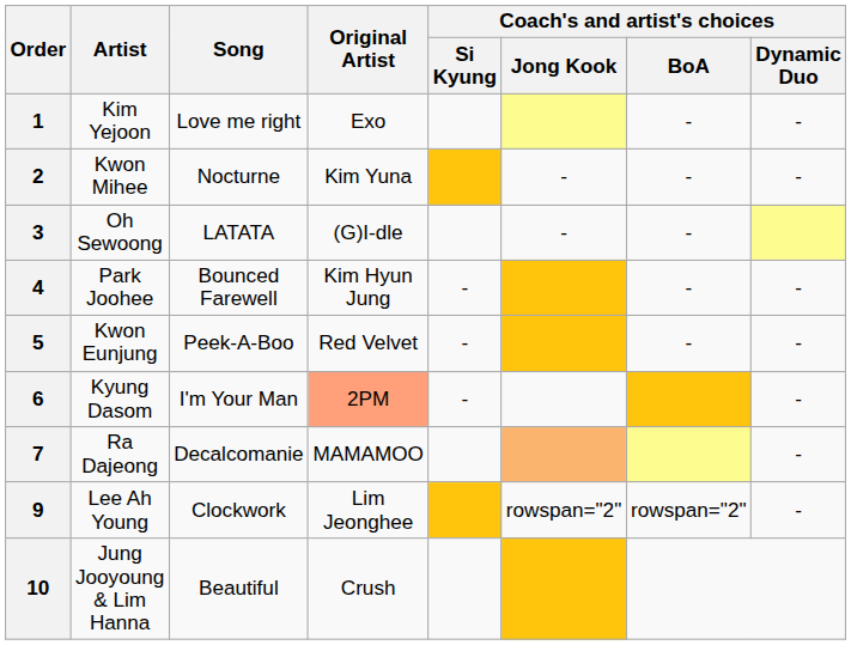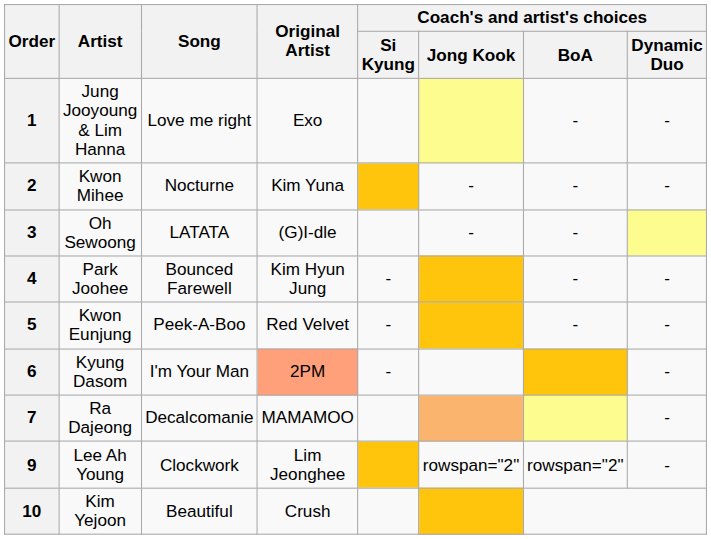 <table class="wikitable" style="text-align:center; width:100%;">
 <tr>
 <th scope="col" rowspan="2" style="width:04%;">Order</th>
 <th scope="col" rowspan="2" style="width:18%;">Artist</th>
 <th scope="col" rowspan="2" style="width:20%;">Song</th>
 <th scope="col" rowspan="2" style="width:10%;">Original Artist</th>
 <th scope="col" colspan="4" style="width:24%;">Coach's and artist's choices</th>
 </tr>
 <tr>
 <th style="width:06%;">Si Kyung</th>
 <th stylw="width:06%;">Jong Kook</th>
 <th style="width:06%;">BoA</th>
 <th style="width:06%;">Dynamic Duo</th>
 </tr>
 <tr>
 <th>1</th>
-<td>Kim Yejoon</td>
+<td>Jung Jooyoung & Lim Hanna</td>
 <td>Love me right</td>
 <td>Exo</td>
 <td><strong></strong></td>
 <td bgcolor=#fdfc8f><strong></strong></td>
 <td>-</td>
 <td>-</td>
 </tr>
 <tr>
 <th>2</th>
 <td>Kwon Mihee</td>
 <td>Nocturne</td>
 <td>Kim Yuna</td>
 <td bgcolor=#ffc40c><strong></strong></td>
 <td>-</td>
 <td>-</td>
 <td>-</td>
 </tr>
 <tr>
 <th>3</th>
 <td>Oh Sewoong</td>
 <td>LATATA</td>
 <td>(G)I-dle</td>
 <td><strong></strong></td>
 <td>-</td>
 <td>-</td>
 <td bgcolor=#fdfc8f><strong></strong></td>
 </tr>
 <tr>
 <th>4</th>
 <td>Park Joohee</td>
 <td>Bounced Farewell</td>
 <td>Kim Hyun Jung</td>
 <td>-</td>
 <td bgcolor=#ffc40c><strong></strong></td>
 <td>-</td>
 <td>-</td>
 </tr>
 <tr>
 <th>5</th>
 <td>Kwon Eunjung</td>
 <td>Peek-A-Boo</td>
 <td>Red Velvet</td>
 <td>-</td>
 <td bgcolor=#ffc40c><strong></strong></td>
 <td>-</td>
 <td>-</td>
 </tr>
 <tr>
 <th>6</th>
 <td>Kyung Dasom</td>
 <td>I'm Your Man</td>
 <td style="background: lightsalmon;">2PM</td>
 <td>-</td>
 <td></td>
 <td bgcolor=#ffc40c><strong></strong></td>
 <td>-</td>
 </tr>
 <tr>
 <th>7</th>
 <td>Ra Dajeong</td>
 <td>Decalcomanie</td>
 <td>MAMAMOO</td>
 <td><strong></strong></td>
 <td bgcolor=#fbb46e><strong></strong></td>
 <td bgcolor=#fdfc8f><strong></strong></td>
 <td>-</td>
 </tr>
 <tr>
 <th>9</th>
 <td>Lee Ah Young</td>
 <td>Clockwork</td>
 <td>Lim Jeonghee</td>
 <td bgcolor=#ffc40c><strong></strong></td>
 <td>rowspan="2" </td>
 <td>rowspan="2" </td>
 <td>-</td>
 </tr>
 <tr>
 <th>10</th>
-<td>Jung Jooyoung & Lim Hanna</td>
+<td>Kim Yejoon</td>
 <td>Beautiful</td>
 <td>Crush</td>
 <td></td>
 <td bgcolor=#ffc40c><strong></strong></td>
 </tr>
 </table>
